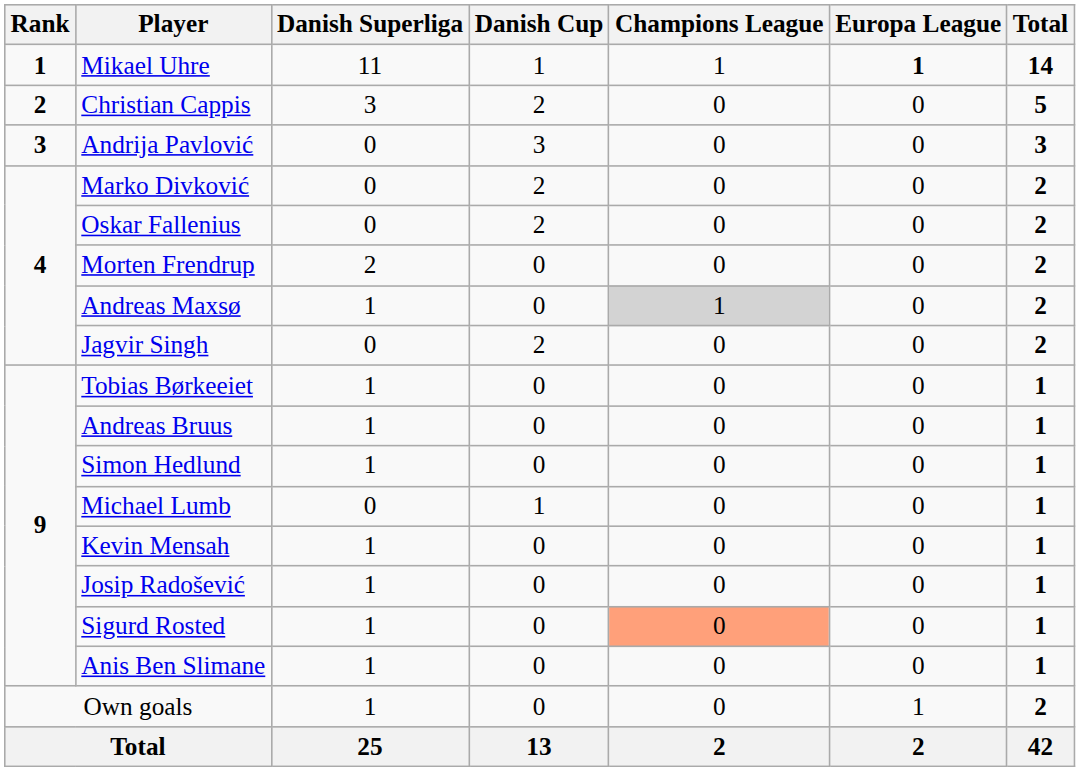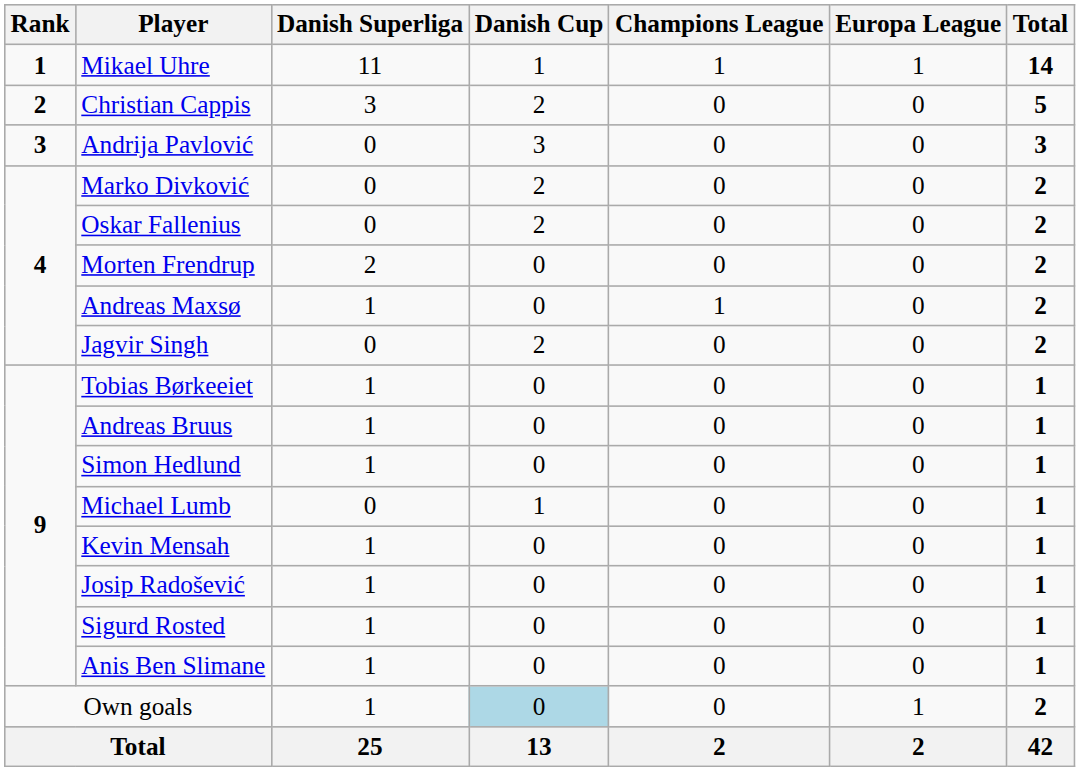 <table class="wikitable" style="text-align:center;">
 <tr>
 <th>Rank</th>
 <th>Player</th>
 <th>Danish Superliga</th>
 <th>Danish Cup</th>
 <th>Champions League</th>
 <th>Europa League</th>
 <th>Total</th>
 </tr>
 <tr>
 <td><strong>1</strong></td>
 <td align=left> <a href='#'>Mikael Uhre</a></td>
 <td>11</td>
 <td>1</td>
 <td>1</td>
-<td><strong>1</strong></td>
+<td>1</td>
 <td><strong>14</strong></td>
 </tr>
 <tr>
 <td><strong>2</strong></td>
 <td align=left> <a href='#'>Christian Cappis</a></td>
 <td>3</td>
 <td>2</td>
 <td>0</td>
 <td>0</td>
 <td><strong>5</strong></td>
 </tr>
 <tr>
 <td><strong>3</strong></td>
 <td align=left> <a href='#'>Andrija Pavlović</a></td>
 <td>0</td>
 <td>3</td>
 <td>0</td>
 <td>0</td>
 <td><strong>3</strong></td>
 </tr>
 <tr>
 <td rowspan="5"><strong>4</strong></td>
 <td align=left> <a href='#'>Marko Divković</a></td>
 <td>0</td>
 <td>2</td>
 <td>0</td>
 <td>0</td>
 <td><strong>2</strong></td>
 </tr>
 <tr>
 <td align=left> <a href='#'>Oskar Fallenius</a></td>
 <td>0</td>
 <td>2</td>
 <td>0</td>
 <td>0</td>
 <td><strong>2</strong></td>
 </tr>
 <tr>
 <td align=left> <a href='#'>Morten Frendrup</a></td>
 <td>2</td>
 <td>0</td>
 <td>0</td>
 <td>0</td>
 <td><strong>2</strong></td>
 </tr>
 <tr>
 <td align=left> <a href='#'>Andreas Maxsø</a></td>
 <td>1</td>
 <td>0</td>
-<td style="background: lightgrey;">1</td>
+<td>1</td>
 <td>0</td>
 <td><strong>2</strong></td>
 </tr>
 <tr>
 <td align=left> <a href='#'>Jagvir Singh</a></td>
 <td>0</td>
 <td>2</td>
 <td>0</td>
 <td>0</td>
 <td><strong>2</strong></td>
 </tr>
 <tr>
 <td rowspan="8"><strong>9</strong></td>
 <td align=left> <a href='#'>Tobias Børkeeiet</a></td>
 <td>1</td>
 <td>0</td>
 <td>0</td>
 <td>0</td>
 <td><strong>1</strong></td>
 </tr>
 <tr>
 <td align=left> <a href='#'>Andreas Bruus</a></td>
 <td>1</td>
 <td>0</td>
 <td>0</td>
 <td>0</td>
 <td><strong>1</strong></td>
 </tr>
 <tr>
 <td align=left> <a href='#'>Simon Hedlund</a></td>
 <td>1</td>
 <td>0</td>
 <td>0</td>
 <td>0</td>
 <td><strong>1</strong></td>
 </tr>
 <tr>
 <td align=left> <a href='#'>Michael Lumb</a></td>
 <td>0</td>
 <td>1</td>
 <td>0</td>
 <td>0</td>
 <td><strong>1</strong></td>
 </tr>
 <tr>
 <td align=left> <a href='#'>Kevin Mensah</a></td>
 <td>1</td>
 <td>0</td>
 <td>0</td>
 <td>0</td>
 <td><strong>1</strong></td>
 </tr>
 <tr>
 <td align=left> <a href='#'>Josip Radošević</a></td>
 <td>1</td>
 <td>0</td>
 <td>0</td>
 <td>0</td>
 <td><strong>1</strong></td>
 </tr>
 <tr>
 <td align=left> <a href='#'>Sigurd Rosted</a></td>
 <td>1</td>
 <td>0</td>
-<td style="background: lightsalmon;">0</td>
+<td>0</td>
 <td>0</td>
 <td><strong>1</strong></td>
 </tr>
 <tr>
 <td align=left> <a href='#'>Anis Ben Slimane</a></td>
 <td>1</td>
 <td>0</td>
 <td>0</td>
 <td>0</td>
 <td><strong>1</strong></td>
 </tr>
 <tr>
 <td align=center colspan=2>Own goals</td>
 <td>1</td>
-<td>0</td>
+<td style="background: lightblue;">0</td>
 <td>0</td>
 <td>1</td>
 <td><strong>2</strong></td>
 </tr>
 <tr>
 <th colspan=2>Total</th>
 <th>25</th>
 <th>13</th>
 <th>2</th>
 <th>2</th>
 <th>42</th>
 </tr>
 </table>
